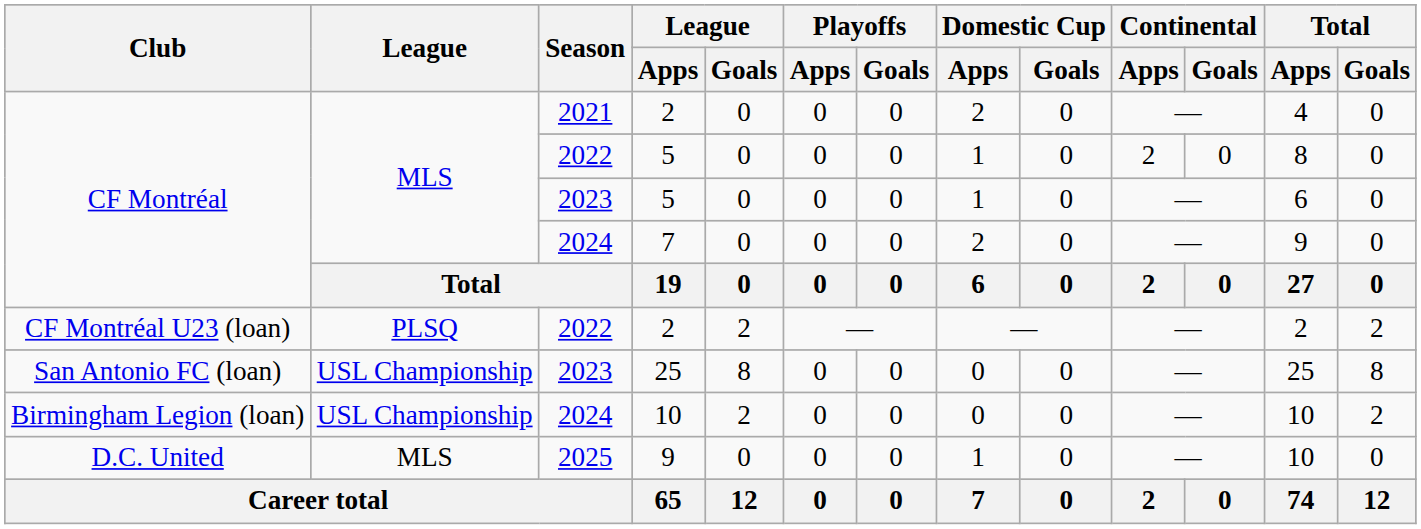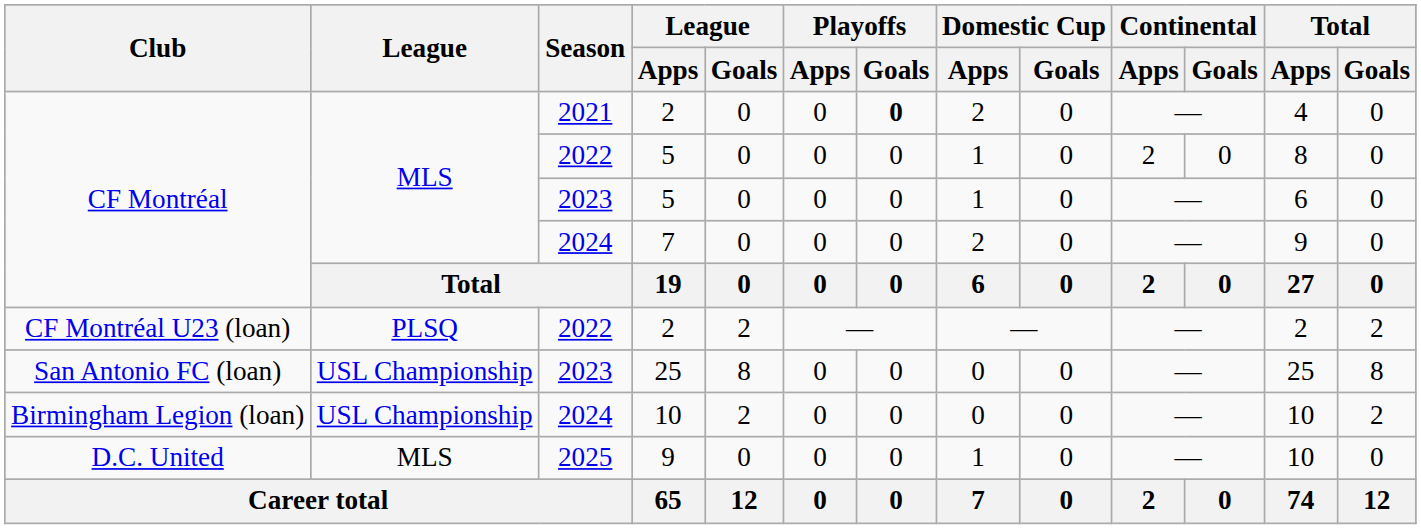 <table class="wikitable" style="text-align:center">
 <tr>
 <th rowspan="2">Club</th>
 <th rowspan="2">League</th>
 <th rowspan="2">Season</th>
 <th colspan="2">League</th>
 <th colspan="2">Playoffs</th>
 <th colspan="2">Domestic Cup</th>
 <th colspan="2">Continental</th>
 <th colspan="2">Total</th>
 </tr>
 <tr>
 <th>Apps</th>
 <th>Goals</th>
 <th>Apps</th>
 <th>Goals</th>
 <th>Apps</th>
 <th>Goals</th>
 <th>Apps</th>
 <th>Goals</th>
 <th>Apps</th>
 <th>Goals</th>
 </tr>
 <tr>
 <td rowspan="5"><a href='#'>CF Montréal</a></td>
 <td rowspan="4"><a href='#'>MLS</a></td>
 <td><a href='#'>2021</a></td>
 <td>2</td>
 <td>0</td>
 <td>0</td>
-<td>0</td>
+<td><strong>0</strong></td>
 <td>2</td>
 <td>0</td>
 <td colspan=2>—</td>
 <td>4</td>
 <td>0</td>
 </tr>
 <tr>
 <td><a href='#'>2022</a></td>
 <td>5</td>
 <td>0</td>
 <td>0</td>
 <td>0</td>
 <td>1</td>
 <td>0</td>
 <td>2</td>
 <td>0</td>
 <td>8</td>
 <td>0</td>
 </tr>
 <tr>
 <td><a href='#'>2023</a></td>
 <td>5</td>
 <td>0</td>
 <td>0</td>
 <td>0</td>
 <td>1</td>
 <td>0</td>
 <td colspan=2>—</td>
 <td>6</td>
 <td>0</td>
 </tr>
 <tr>
 <td><a href='#'>2024</a></td>
 <td>7</td>
 <td>0</td>
 <td>0</td>
 <td>0</td>
 <td>2</td>
 <td>0</td>
 <td colspan=2>—</td>
 <td>9</td>
 <td>0</td>
 </tr>
 <tr>
 <th colspan="2">Total</th>
 <th>19</th>
 <th>0</th>
 <th>0</th>
 <th>0</th>
 <th>6</th>
 <th>0</th>
 <th>2</th>
 <th>0</th>
 <th>27</th>
 <th>0</th>
 </tr>
 <tr>
 <td><a href='#'>CF Montréal U23</a> (loan)</td>
 <td><a href='#'>PLSQ</a></td>
 <td><a href='#'>2022</a></td>
 <td>2</td>
 <td>2</td>
 <td colspan=2>—</td>
 <td colspan=2>—</td>
 <td colspan=2>—</td>
 <td>2</td>
 <td>2</td>
 </tr>
 <tr>
 <td><a href='#'>San Antonio FC</a> (loan)</td>
 <td><a href='#'>USL Championship</a></td>
 <td><a href='#'>2023</a></td>
 <td>25</td>
 <td>8</td>
 <td>0</td>
 <td>0</td>
 <td>0</td>
 <td>0</td>
 <td colspan=2>—</td>
 <td>25</td>
 <td>8</td>
 </tr>
 <tr>
 <td><a href='#'>Birmingham Legion</a> (loan)</td>
 <td><a href='#'>USL Championship</a></td>
 <td><a href='#'>2024</a></td>
 <td>10</td>
 <td>2</td>
 <td>0</td>
 <td>0</td>
 <td>0</td>
 <td>0</td>
 <td colspan=2>—</td>
 <td>10</td>
 <td>2</td>
 </tr>
 <tr>
 <td><a href='#'>D.C. United</a></td>
 <td>MLS</td>
 <td><a href='#'>2025</a></td>
 <td>9</td>
 <td>0</td>
 <td>0</td>
 <td>0</td>
 <td>1</td>
 <td>0</td>
 <td colspan=2>—</td>
 <td>10</td>
 <td>0</td>
 </tr>
 <tr>
 <th colspan="3">Career total</th>
 <th>65</th>
 <th>12</th>
 <th>0</th>
 <th>0</th>
 <th>7</th>
 <th>0</th>
 <th>2</th>
 <th>0</th>
 <th>74</th>
 <th>12</th>
 </tr>
 </table>
